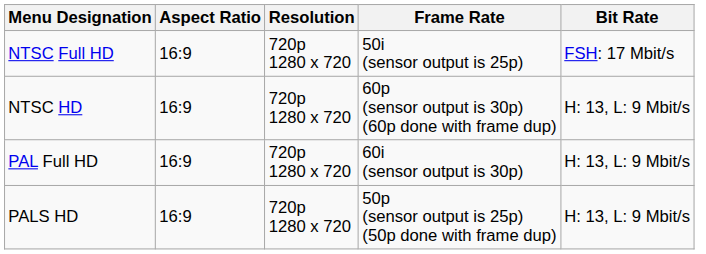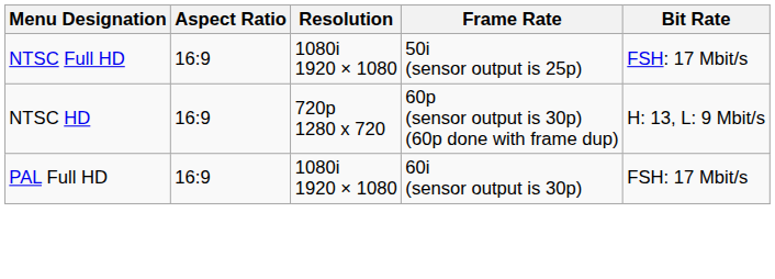 <table class="wikitable plainlinks">
 <tr>
 <th>Menu Designation</th>
 <th>Aspect Ratio</th>
 <th>Resolution</th>
 <th>Frame Rate</th>
 <th>Bit Rate</th>
 </tr>
 <tr>
 <td><a href='#'>NTSC</a> <a href='#'>Full HD</a></td>
 <td>16:9</td>
-<td>720p<br>1280 x 720</td>
+<td>1080i<br>1920 × 1080</td>
 <td>50i<br>(sensor output is 25p)</td>
 <td><a href='#'>FSH</a>: 17 Mbit/s</td>
 </tr>
 <tr>
 <td>NTSC <a href='#'>HD</a></td>
 <td>16:9</td>
 <td>720p<br>1280 x 720</td>
 <td>60p<br>(sensor output is 30p)<br> (60p done with frame dup)</td>
 <td>H: 13, L: 9 Mbit/s</td>
 </tr>
 <tr>
 <td><a href='#'>PAL</a> Full HD</td>
 <td>16:9</td>
-<td>720p<br>1280 x 720</td>
+<td>1080i<br>1920 × 1080</td>
 <td>60i<br>(sensor output is 30p)</td>
-<td>H: 13, L: 9 Mbit/s</td>
-</tr>
-<tr>
-<td>PALS HD</td>
-<td>16:9</td>
-<td>720p<br>1280 x 720</td>
-<td>50p<br>(sensor output is 25p)<br> (50p done with frame dup)</td>
-<td>H: 13, L: 9 Mbit/s</td>
+<td>FSH: 17 Mbit/s</td>
 </tr>
 </table>
